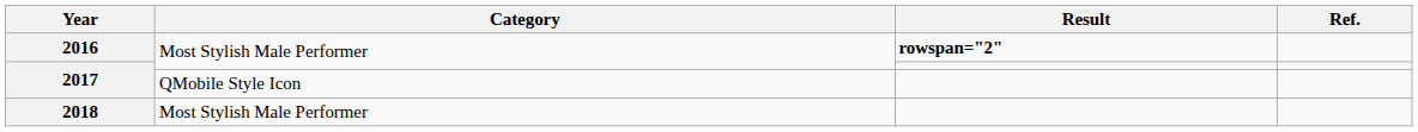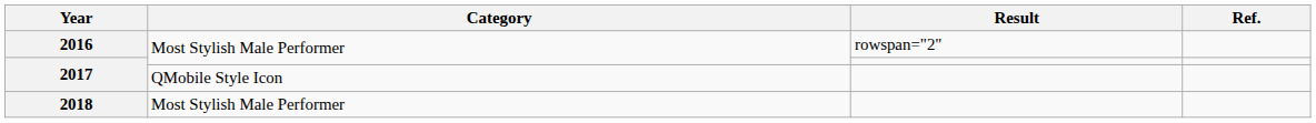 <table class="wikitable plainrowheaders" width="100%" "textcolor:#000;">
 <tr>
 <th>Year</th>
 <th>Category</th>
 <th>Result</th>
 <th>Ref.</th>
 </tr>
 <tr>
 <th>2016</th>
 <td rowspan="2">Most Stylish Male Performer</td>
-<td><strong>rowspan="2" </strong></td>
+<td>rowspan="2" </td>
 <td></td>
 </tr>
 <tr>
 <th rowspan="2">2017</th>
 <td></td>
 </tr>
 <tr>
 <td>QMobile Style Icon</td>
 <td></td>
 <td></td>
 </tr>
 <tr>
 <th>2018</th>
 <td>Most Stylish Male Performer</td>
 <td></td>
 <td></td>
 </tr>
 </table>
